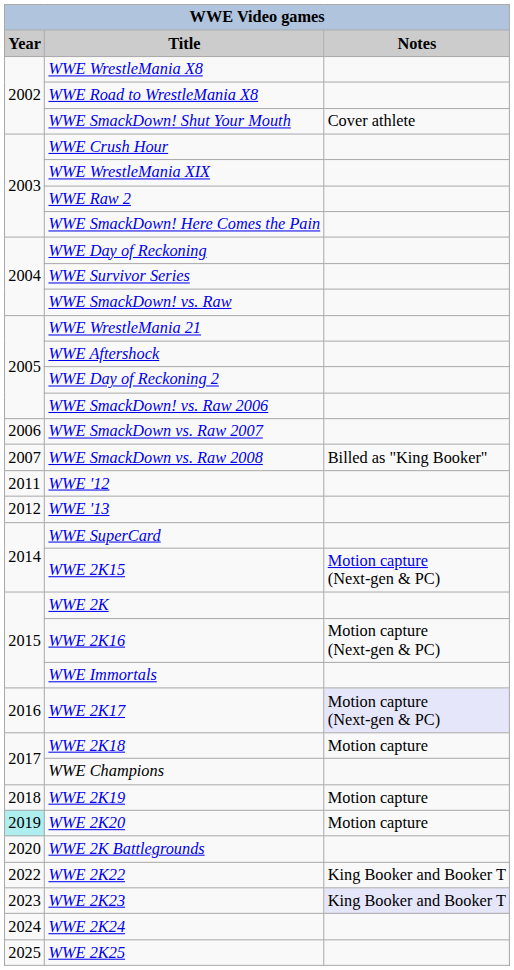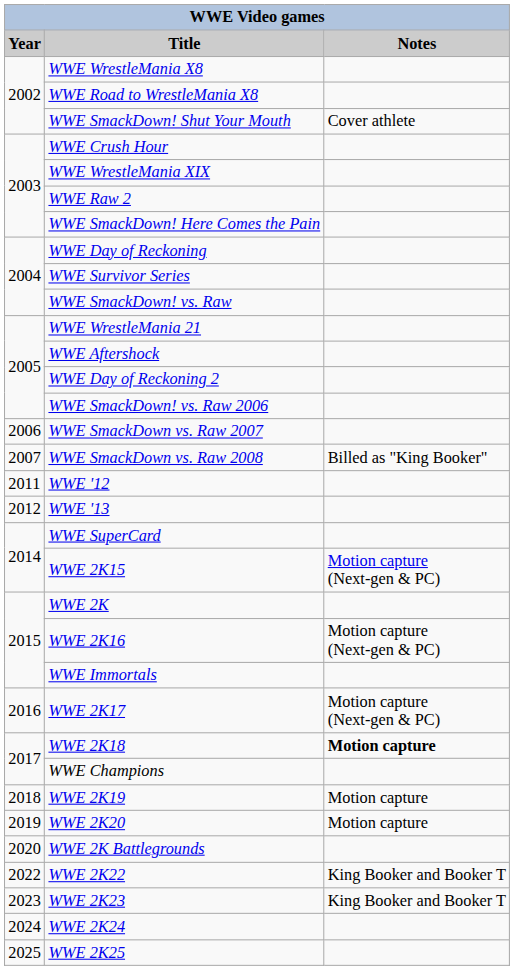 <table class="wikitable sortable">
 <tr style="text-align:center;">
 <th colspan=4 style="background:#B0C4DE;">WWE Video games</th>
 </tr>
 <tr style="text-align:center;">
 <th style="background:#ccc;">Year</th>
 <th style="background:#ccc;">Title</th>
 <th style="background:#ccc;">Notes</th>
 </tr>
 <tr>
 <td rowspan="3">2002</td>
 <td><em><a href='#'>WWE WrestleMania X8</a></em></td>
 <td></td>
 </tr>
 <tr>
 <td><em><a href='#'>WWE Road to WrestleMania X8</a></em></td>
 <td></td>
 </tr>
 <tr>
 <td><em><a href='#'>WWE SmackDown! Shut Your Mouth</a></em></td>
 <td>Cover athlete</td>
 </tr>
 <tr>
 <td rowspan="4">2003</td>
 <td><em><a href='#'>WWE Crush Hour</a></em></td>
 <td></td>
 </tr>
 <tr>
 <td><em><a href='#'>WWE WrestleMania XIX</a></em></td>
 <td></td>
 </tr>
 <tr>
 <td><em><a href='#'>WWE Raw 2</a></em></td>
 <td></td>
 </tr>
 <tr>
 <td><em><a href='#'>WWE SmackDown! Here Comes the Pain</a></em></td>
 <td></td>
 </tr>
 <tr>
 <td rowspan="3">2004</td>
 <td><em><a href='#'>WWE Day of Reckoning</a></em></td>
 <td></td>
 </tr>
 <tr>
 <td><em><a href='#'>WWE Survivor Series</a></em></td>
 <td></td>
 </tr>
 <tr>
 <td><em><a href='#'>WWE SmackDown! vs. Raw</a></em></td>
 <td></td>
 </tr>
 <tr>
 <td rowspan="4">2005</td>
 <td><em><a href='#'>WWE WrestleMania 21</a></em></td>
 <td></td>
 </tr>
 <tr>
 <td><em><a href='#'>WWE Aftershock</a></em></td>
 <td></td>
 </tr>
 <tr>
 <td><em><a href='#'>WWE Day of Reckoning 2</a></em></td>
 <td></td>
 </tr>
 <tr>
 <td><em><a href='#'>WWE SmackDown! vs. Raw 2006</a></em></td>
 <td></td>
 </tr>
 <tr>
 <td>2006</td>
 <td><em><a href='#'>WWE SmackDown vs. Raw 2007</a></em></td>
 <td></td>
 </tr>
 <tr>
 <td>2007</td>
 <td><em><a href='#'>WWE SmackDown vs. Raw 2008</a></em></td>
 <td>Billed as "King Booker"</td>
 </tr>
 <tr>
 <td>2011</td>
 <td><em><a href='#'>WWE '12</a></em></td>
 <td></td>
 </tr>
 <tr>
 <td>2012</td>
 <td><em><a href='#'>WWE '13</a></em></td>
 <td></td>
 </tr>
 <tr>
 <td rowspan="2">2014</td>
 <td><em><a href='#'>WWE SuperCard</a></em></td>
 <td></td>
 </tr>
 <tr>
 <td><em><a href='#'>WWE 2K15</a></em></td>
 <td><a href='#'>Motion capture</a> <br>(Next-gen & PC)</td>
 </tr>
 <tr>
 <td rowspan="3">2015</td>
 <td><em><a href='#'>WWE 2K</a></em></td>
 <td></td>
 </tr>
 <tr>
 <td><em><a href='#'>WWE 2K16</a></em></td>
 <td>Motion capture <br>(Next-gen & PC)</td>
 </tr>
 <tr>
 <td><em><a href='#'>WWE Immortals</a></em></td>
 <td></td>
 </tr>
 <tr>
 <td>2016</td>
 <td><em><a href='#'>WWE 2K17</a></em></td>
-<td style="background: lavender;">Motion capture <br>(Next-gen & PC)</td>
+<td>Motion capture <br>(Next-gen & PC)</td>
 </tr>
 <tr>
 <td rowspan="2">2017</td>
 <td><em><a href='#'>WWE 2K18</a></em></td>
-<td>Motion capture</td>
+<td><strong>Motion capture</strong></td>
 </tr>
 <tr>
 <td><em>WWE Champions</em></td>
 <td></td>
 </tr>
 <tr>
 <td>2018</td>
 <td><em><a href='#'>WWE 2K19</a></em></td>
 <td>Motion capture</td>
 </tr>
 <tr>
-<td style="background: paleturquoise;">2019</td>
+<td>2019</td>
 <td><em><a href='#'>WWE 2K20</a></em></td>
 <td>Motion capture</td>
 </tr>
 <tr>
 <td>2020</td>
 <td><em><a href='#'>WWE 2K Battlegrounds</a></em></td>
 <td></td>
 </tr>
 <tr>
 <td>2022</td>
 <td><em><a href='#'>WWE 2K22</a></em></td>
 <td>King Booker and Booker T</td>
 </tr>
 <tr>
 <td>2023</td>
 <td><em><a href='#'>WWE 2K23</a></em></td>
-<td style="background: lavender;">King Booker and Booker T</td>
+<td>King Booker and Booker T</td>
 </tr>
 <tr>
 <td>2024</td>
 <td><em><a href='#'>WWE 2K24</a></em></td>
 </tr>
 <tr>
 <td>2025</td>
 <td><em><a href='#'>WWE 2K25</a></em></td>
 <td></td>
 </tr>
 </table>
